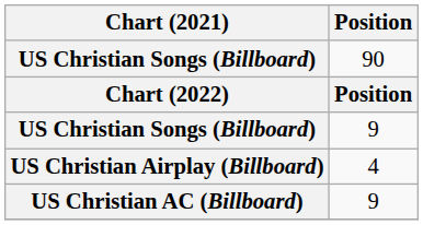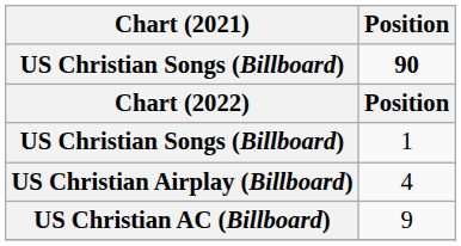 <table class="wikitable plainrowheaders" style="text-align:center">
 <tr>
 <th scope="col">Chart (2021)</th>
 <th scope="col">Position</th>
 </tr>
 <tr>
 <th scope="row">US Christian Songs (<em>Billboard</em>)</th>
-<td>90</td>
+<td><strong>90</strong></td>
 </tr>
 <tr>
 <th scope="col">Chart (2022)</th>
 <th scope="col">Position</th>
 </tr>
 <tr>
 <th scope="row">US Christian Songs (<em>Billboard</em>)</th>
-<td>9</td>
+<td>1</td>
 </tr>
 <tr>
 <th scope="row">US Christian Airplay (<em>Billboard</em>)</th>
 <td>4</td>
 </tr>
 <tr>
 <th scope="row">US Christian AC (<em>Billboard</em>)</th>
 <td>9</td>
 </tr>
 <tr>
 </tr>
 </table>
